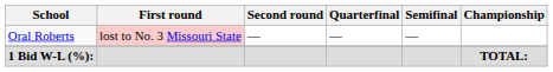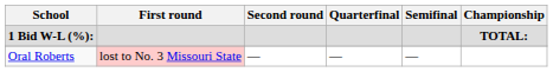 <table class="sortable wikitable" style="white-space:nowrap; font-size:100%;">
 <tr>
 <th>School</th>
 <th>First round</th>
 <th>Second round</th>
 <th>Quarterfinal</th>
 <th>Semifinal</th>
 <th>Championship</th>
 </tr>
+<tr class="sortbottom" style="text-align:center; background:#ddd;">
+<td><strong>1 Bid W-L (%):</strong></td>
+<td></td>
+<td></td>
+<td></td>
+<td></td>
+<td><strong>TOTAL:</strong> </td>
+</tr>
+<tr>
+</tr>
 <tr>
 <td><a href='#'>Oral Roberts</a></td>
 <td style="background:#fcc;">lost to No. 3 <a href='#'>Missouri State</a></td>
 <td style="background:#fff;">—</td>
 <td style="background:#fff;">—</td>
 <td style="background:#fff;">—</td>
 <td style="background:#fff;"></td>
 </tr>
-<tr>
-</tr>
-<tr class="sortbottom" style="text-align:center; background:#ddd;">
-<td><strong>1 Bid W-L (%):</strong></td>
-<td></td>
-<td></td>
-<td></td>
-<td></td>
-<td><strong>TOTAL:</strong> </td>
-</tr>
 </table>
